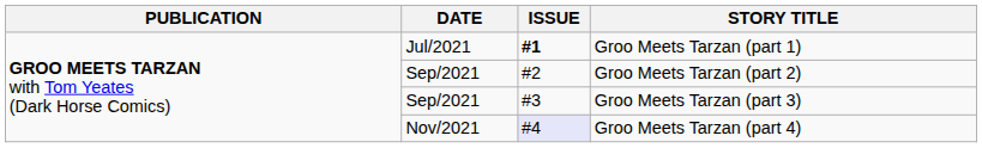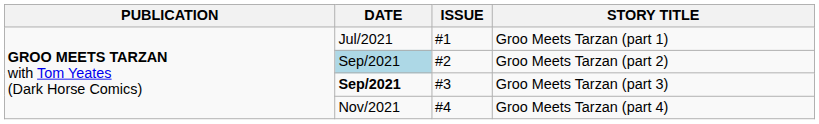 <table class="wikitable">
 <tr>
 <th width="360"><strong>PUBLICATION</strong></th>
 <th width="100"><strong>DATE</strong></th>
 <th width="60"><strong>ISSUE</strong></th>
 <th width="350"><strong>STORY TITLE</strong></th>
 </tr>
 <tr>
 <td rowspan=4><strong>GROO MEETS TARZAN</strong><br>with <a href='#'>Tom Yeates</a><br>(Dark Horse Comics)</td>
 <td>Jul/2021</td>
-<td><strong>#1</strong></td>
+<td>#1</td>
 <td>Groo Meets Tarzan (part 1)</td>
 </tr>
 <tr>
-<td>Sep/2021</td>
+<td style="background: lightblue;">Sep/2021</td>
 <td>#2</td>
 <td>Groo Meets Tarzan (part 2)</td>
 </tr>
 <tr>
-<td>Sep/2021</td>
+<td><strong>Sep/2021</strong></td>
 <td>#3</td>
 <td>Groo Meets Tarzan (part 3)</td>
 </tr>
 <tr>
 <td>Nov/2021</td>
-<td style="background: lavender;">#4</td>
+<td>#4</td>
 <td>Groo Meets Tarzan (part 4)</td>
 </tr>
 </table>
